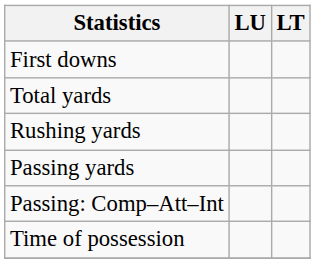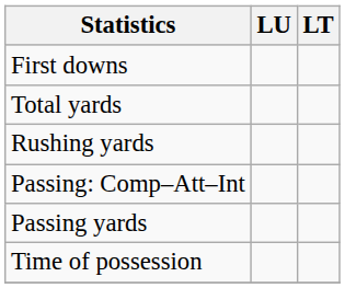 <table class="wikitable" style="float: left;">
 <tr>
 <th>Statistics</th>
 <th>LU</th>
 <th>LT</th>
 </tr>
 <tr>
 <td>First downs</td>
 <td></td>
 <td></td>
 </tr>
 <tr>
 <td>Total yards</td>
 <td></td>
 <td></td>
 </tr>
 <tr>
 <td>Rushing yards</td>
 <td></td>
 <td></td>
 </tr>
 <tr>
-<td>Passing yards</td>
+<td>Passing: Comp–Att–Int</td>
 <td></td>
 <td></td>
 </tr>
 <tr>
-<td>Passing: Comp–Att–Int</td>
+<td>Passing yards</td>
 <td></td>
 <td></td>
 </tr>
 <tr>
 <td>Time of possession</td>
 <td></td>
 <td></td>
 </tr>
 <tr>
 </tr>
 </table>
